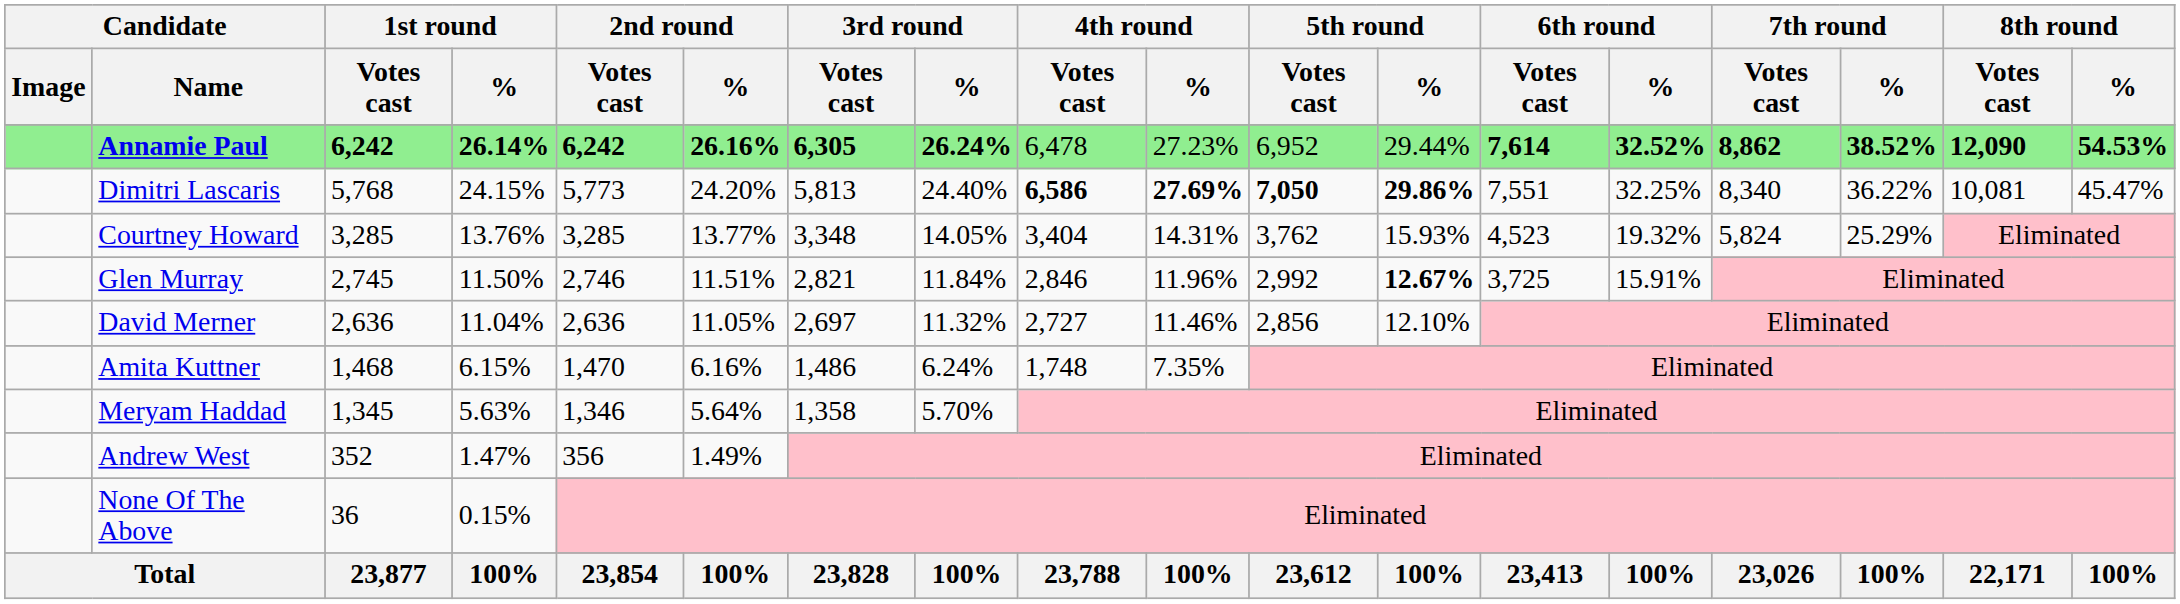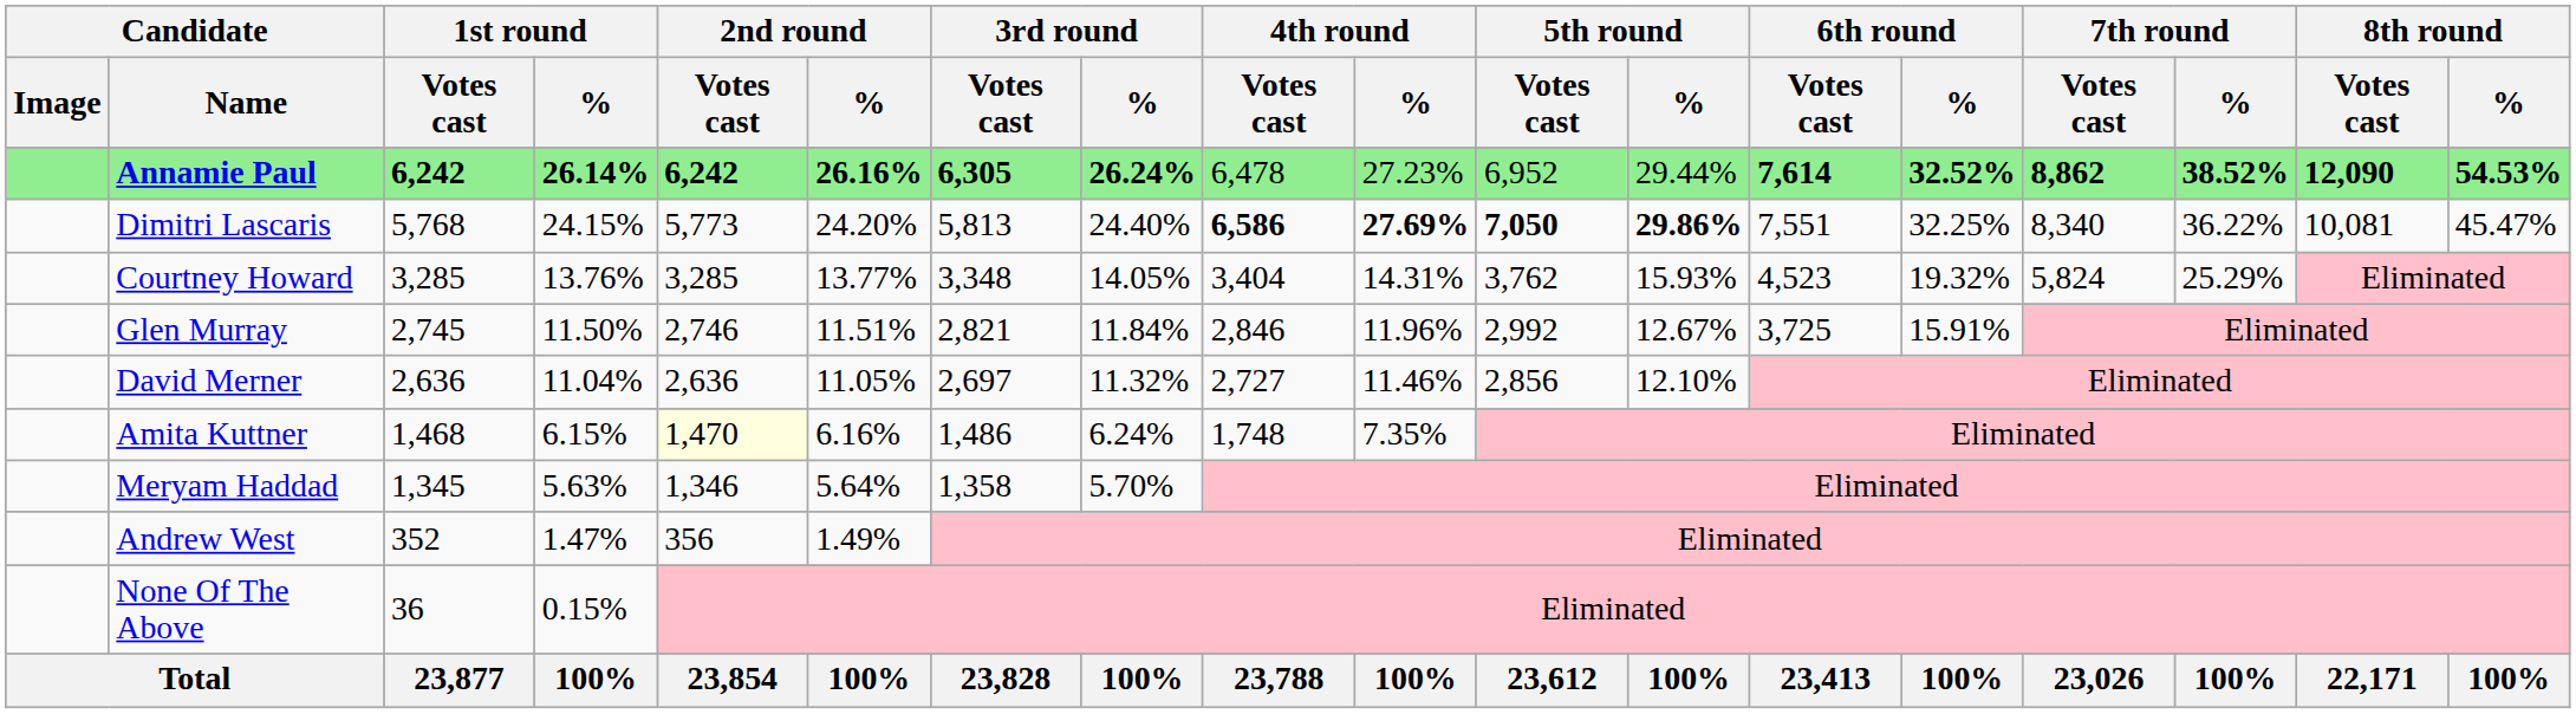 <table class="wikitable">
 <tr>
 <th colspan="2">Candidate</th>
 <th colspan="2">1st round</th>
 <th colspan="2">2nd round</th>
 <th colspan="2">3rd round</th>
 <th colspan="2">4th round</th>
 <th colspan="2">5th round</th>
 <th colspan="2">6th round</th>
 <th colspan="2">7th round</th>
 <th colspan="2">8th round</th>
 </tr>
 <tr>
 <th>Image</th>
 <th>Name</th>
 <th>Votes cast</th>
 <th>%</th>
 <th>Votes cast</th>
 <th>%</th>
 <th>Votes cast</th>
 <th>%</th>
 <th>Votes cast</th>
 <th>%</th>
 <th>Votes cast</th>
 <th>%</th>
 <th>Votes cast</th>
 <th>%</th>
 <th>Votes cast</th>
 <th>%</th>
 <th>Votes cast</th>
 <th>%</th>
 </tr>
 <tr style="background:lightgreen;">
 <td></td>
 <td><strong><a href='#'>Annamie Paul</a></strong></td>
 <td><strong>6,242</strong></td>
 <td><strong>26.14%</strong></td>
 <td><strong>6,242</strong></td>
 <td><strong>26.16%</strong></td>
 <td><strong>6,305</strong></td>
 <td><strong>26.24%</strong></td>
 <td>6,478</td>
 <td>27.23%</td>
 <td>6,952</td>
 <td>29.44%</td>
 <td><strong>7,614</strong></td>
 <td><strong>32.52%</strong></td>
 <td><strong>8,862</strong></td>
 <td><strong>38.52%</strong></td>
 <td><strong>12,090</strong></td>
 <td><strong>54.53%</strong></td>
 </tr>
 <tr>
 <td></td>
 <td><a href='#'>Dimitri Lascaris</a></td>
 <td>5,768</td>
 <td>24.15%</td>
 <td>5,773</td>
 <td>24.20%</td>
 <td>5,813</td>
 <td>24.40%</td>
 <td><strong>6,586</strong></td>
 <td><strong>27.69%</strong></td>
 <td><strong>7,050</strong></td>
 <td><strong>29.86%</strong></td>
 <td>7,551</td>
 <td>32.25%</td>
 <td>8,340</td>
 <td>36.22%</td>
 <td>10,081</td>
 <td>45.47%</td>
 </tr>
 <tr>
 <td></td>
 <td><a href='#'>Courtney Howard</a></td>
 <td>3,285</td>
 <td>13.76%</td>
 <td>3,285</td>
 <td>13.77%</td>
 <td>3,348</td>
 <td>14.05%</td>
 <td>3,404</td>
 <td>14.31%</td>
 <td>3,762</td>
 <td>15.93%</td>
 <td>4,523</td>
 <td>19.32%</td>
 <td>5,824</td>
 <td>25.29%</td>
 <td colspan="2" style="background:pink; text-align:center">Eliminated</td>
 </tr>
 <tr>
 <td></td>
 <td><a href='#'>Glen Murray</a></td>
 <td>2,745</td>
 <td>11.50%</td>
 <td>2,746</td>
 <td>11.51%</td>
 <td>2,821</td>
 <td>11.84%</td>
 <td>2,846</td>
 <td>11.96%</td>
 <td>2,992</td>
-<td><strong>12.67%</strong></td>
+<td>12.67%</td>
 <td>3,725</td>
 <td>15.91%</td>
 <td colspan="4" style="background:pink; text-align:center">Eliminated</td>
 </tr>
 <tr>
 <td></td>
 <td><a href='#'>David Merner</a></td>
 <td>2,636</td>
 <td>11.04%</td>
 <td>2,636</td>
 <td>11.05%</td>
 <td>2,697</td>
 <td>11.32%</td>
 <td>2,727</td>
 <td>11.46%</td>
 <td>2,856</td>
 <td>12.10%</td>
 <td colspan="6" style="background:pink; text-align:center">Eliminated</td>
 </tr>
 <tr>
 <td></td>
 <td><a href='#'>Amita Kuttner</a></td>
 <td>1,468</td>
 <td>6.15%</td>
-<td>1,470</td>
+<td style="background: lightyellow;">1,470</td>
 <td>6.16%</td>
 <td>1,486</td>
 <td>6.24%</td>
 <td>1,748</td>
 <td>7.35%</td>
 <td colspan="8" style="background:pink; text-align:center">Eliminated</td>
 </tr>
 <tr>
 <td></td>
 <td><a href='#'>Meryam Haddad</a></td>
 <td>1,345</td>
 <td>5.63%</td>
 <td>1,346</td>
 <td>5.64%</td>
 <td>1,358</td>
 <td>5.70%</td>
 <td colspan="10" style="background:pink; text-align:center">Eliminated</td>
 </tr>
 <tr>
 <td></td>
 <td><a href='#'>Andrew West</a></td>
 <td>352</td>
 <td>1.47%</td>
 <td>356</td>
 <td>1.49%</td>
 <td colspan="12" style="background:pink; text-align:center">Eliminated</td>
 </tr>
 <tr>
 <td></td>
 <td><a href='#'>None Of The Above</a></td>
 <td>36</td>
 <td>0.15%</td>
 <td colspan="14" style="background:pink; text-align:center">Eliminated</td>
 </tr>
 <tr>
 <th colspan="2">Total</th>
 <th align="right">23,877</th>
 <th align="right">100%</th>
 <th align="right">23,854</th>
 <th align="right">100%</th>
 <th align="right">23,828</th>
 <th align="right">100%</th>
 <th align="right">23,788</th>
 <th align="right">100%</th>
 <th align="right">23,612</th>
 <th align="right">100%</th>
 <th align="right">23,413</th>
 <th align="right">100%</th>
 <th align="right">23,026</th>
 <th align="right">100%</th>
 <th align="right">22,171</th>
 <th align="right">100%</th>
 </tr>
 </table>
